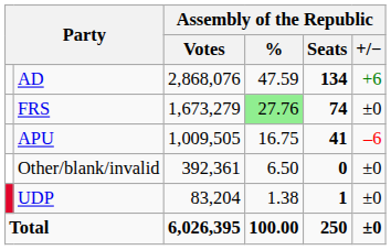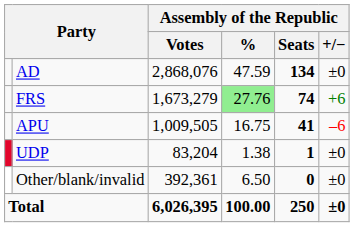 <table class="wikitable" style="text-align:right; font-size:95%;">
 <tr>
 <th colspan="2" rowspan="2">Party</th>
 <th colspan="4">Assembly of the Republic</th>
 </tr>
 <tr>
 <th>Votes</th>
 <th>%</th>
 <th>Seats</th>
 <th>+/−</th>
 </tr>
 <tr>
 <td style="background:"></td>
 <td align="left"><a href='#'>AD</a></td>
 <td>2,868,076</td>
 <td>47.59</td>
 <td><strong>134</strong></td>
-<td style="color:green;">+6</td>
+<td>±0</td>
 </tr>
 <tr>
 <td style="background:"></td>
 <td align="left"><a href='#'>FRS</a></td>
 <td>1,673,279</td>
 <td style="background: lightgreen;">27.76</td>
 <td><strong>74</strong></td>
-<td>±0</td>
+<td style="color:green;">+6</td>
 </tr>
 <tr>
 <td style="background:"></td>
 <td align="left"><a href='#'>APU</a></td>
 <td>1,009,505</td>
 <td>16.75</td>
 <td><strong>41</strong></td>
 <td style="color:red;">–6</td>
 </tr>
 <tr>
+<td style="background:#E2062C;"></td>
+<td align=left><a href='#'>UDP</a></td>
+<td>83,204</td>
+<td>1.38</td>
+<td><strong>1</strong></td>
+<td>±0</td>
+</tr>
+<tr>
 <td style="background:white;"></td>
 <td align="left">Other/blank/invalid</td>
 <td>392,361</td>
 <td>6.50</td>
 <td><strong>0</strong></td>
-<td>±0</td>
-</tr>
-<tr>
-<td style="background:#E2062C;"></td>
-<td align=left><a href='#'>UDP</a></td>
-<td>83,204</td>
-<td>1.38</td>
-<td><strong>1</strong></td>
 <td>±0</td>
 </tr>
 <tr style="font-weight:bold">
 <td colspan="2" align="left">Total</td>
 <td>6,026,395</td>
 <td>100.00</td>
 <td>250</td>
 <td>±0</td>
 </tr>
 </table>
